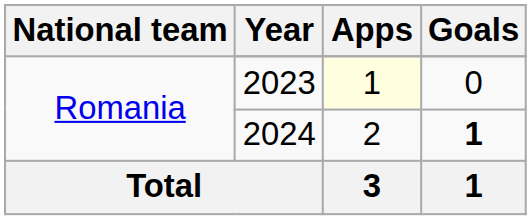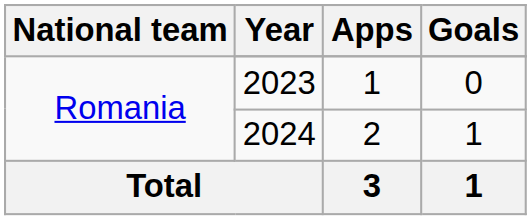 <table class="wikitable" style="text-align: center;">
 <tr>
 <th>National team</th>
 <th>Year</th>
 <th>Apps</th>
 <th>Goals</th>
 </tr>
 <tr>
 <td rowspan="3"><a href='#'>Romania</a></td>
 </tr>
 <tr>
 <td>2023</td>
-<td style="background: lightyellow;">1</td>
+<td>1</td>
 <td>0</td>
 </tr>
 <tr>
 <td>2024</td>
 <td>2</td>
-<td><strong>1</strong></td>
+<td>1</td>
 </tr>
 <tr>
 <th colspan=2>Total</th>
 <th>3</th>
 <th>1</th>
 </tr>
 </table>
